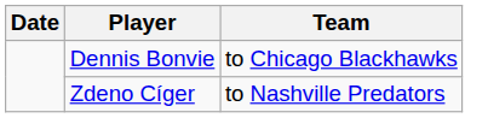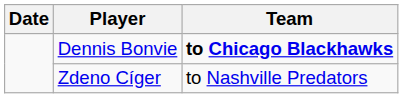 <table class="wikitable">
 <tr>
 <th>Date</th>
 <th>Player</th>
 <th>Team</th>
 </tr>
 <tr>
 <td rowspan=2></td>
 <td><a href='#'>Dennis Bonvie</a></td>
-<td>to <a href='#'>Chicago Blackhawks</a></td>
+<td><strong>to <a href='#'>Chicago Blackhawks</a></strong></td>
 </tr>
 <tr>
 <td><a href='#'>Zdeno Cíger</a></td>
 <td>to <a href='#'>Nashville Predators</a></td>
 </tr>
 </table>
